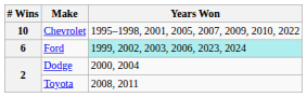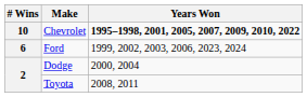 <table class="wikitable" style="font-size: 95%;">
 <tr>
 <th># Wins</th>
 <th>Make</th>
 <th>Years Won</th>
 </tr>
 <tr>
 <th>10</th>
 <td> <a href='#'>Chevrolet</a></td>
-<td>1995–1998, 2001, 2005, 2007, 2009, 2010, 2022</td>
+<td><strong>1995–1998, 2001, 2005, 2007, 2009, 2010, 2022</strong></td>
 </tr>
 <tr>
 <th>6</th>
 <td> <a href='#'>Ford</a></td>
-<td style="background: paleturquoise;">1999, 2002, 2003, 2006, 2023, 2024</td>
+<td>1999, 2002, 2003, 2006, 2023, 2024</td>
 </tr>
 <tr>
 <th rowspan="2">2</th>
 <td> <a href='#'>Dodge</a></td>
 <td>2000, 2004</td>
 </tr>
 <tr>
 <td> <a href='#'>Toyota</a></td>
 <td>2008, 2011</td>
 </tr>
 </table>
